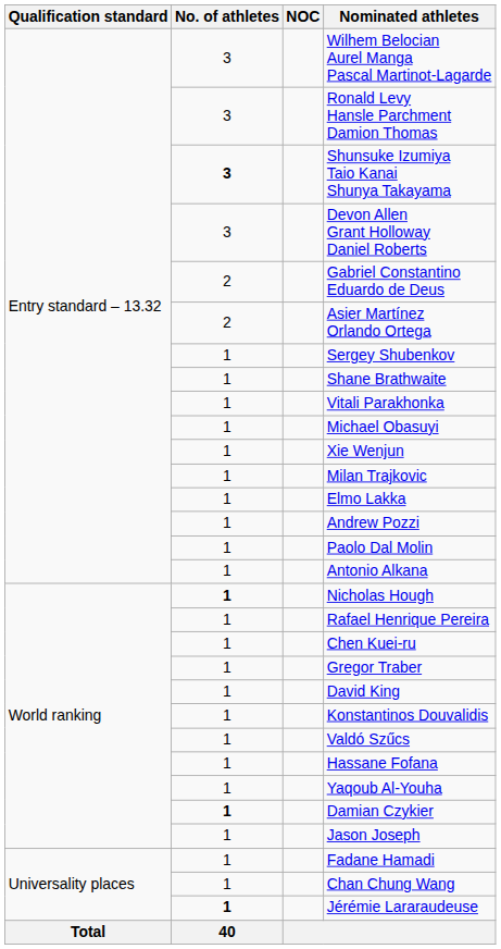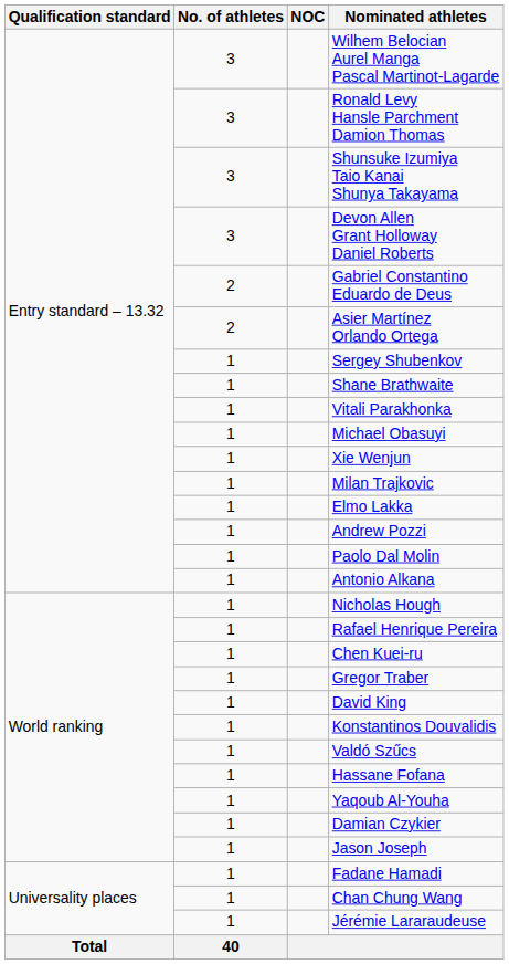 <table class="wikitable" style="text-align:left;">
 <tr>
 <th>Qualification standard</th>
 <th>No. of athletes</th>
 <th>NOC</th>
 <th>Nominated athletes</th>
 </tr>
 <tr>
 <td rowspan=16>Entry standard – 13.32</td>
 <td align=center>3</td>
 <td></td>
 <td><a href='#'>Wilhem Belocian</a><br><a href='#'>Aurel Manga</a><br><a href='#'>Pascal Martinot-Lagarde</a></td>
 </tr>
 <tr>
 <td align=center>3</td>
 <td></td>
 <td><a href='#'>Ronald Levy</a><br><a href='#'>Hansle Parchment</a><br><a href='#'>Damion Thomas</a></td>
 </tr>
 <tr>
-<td align=center><strong>3</strong></td>
+<td align=center>3</td>
 <td></td>
 <td><a href='#'>Shunsuke Izumiya</a><br><a href='#'>Taio Kanai</a><br><a href='#'>Shunya Takayama</a></td>
 </tr>
 <tr>
 <td align=center>3</td>
 <td></td>
 <td><a href='#'>Devon Allen</a><br><a href='#'>Grant Holloway</a><br><a href='#'>Daniel Roberts</a></td>
 </tr>
 <tr>
 <td align=center>2</td>
 <td></td>
 <td><a href='#'>Gabriel Constantino</a><br><a href='#'>Eduardo de Deus</a></td>
 </tr>
 <tr>
 <td align=center>2</td>
 <td></td>
 <td><a href='#'>Asier Martínez</a><br><a href='#'>Orlando Ortega</a></td>
 </tr>
 <tr>
 <td align=center>1</td>
 <td></td>
 <td><a href='#'>Sergey Shubenkov</a></td>
 </tr>
 <tr>
 <td align=center>1</td>
 <td></td>
 <td><a href='#'>Shane Brathwaite</a></td>
 </tr>
 <tr>
 <td align=center>1</td>
 <td></td>
 <td><a href='#'>Vitali Parakhonka</a></td>
 </tr>
 <tr>
 <td align=center>1</td>
 <td></td>
 <td><a href='#'>Michael Obasuyi</a></td>
 </tr>
 <tr>
 <td align=center>1</td>
 <td></td>
 <td><a href='#'>Xie Wenjun</a></td>
 </tr>
 <tr>
 <td align=center>1</td>
 <td></td>
 <td><a href='#'>Milan Trajkovic</a></td>
 </tr>
 <tr>
 <td align=center>1</td>
 <td></td>
 <td><a href='#'>Elmo Lakka</a></td>
 </tr>
 <tr>
 <td align=center>1</td>
 <td></td>
 <td><a href='#'>Andrew Pozzi</a></td>
 </tr>
 <tr>
 <td align=center>1</td>
 <td></td>
 <td><a href='#'>Paolo Dal Molin</a></td>
 </tr>
 <tr>
 <td align=center>1</td>
 <td></td>
 <td><a href='#'>Antonio Alkana</a></td>
 </tr>
 <tr>
 <td rowspan=11>World ranking</td>
-<td align=center><strong>1</strong></td>
+<td align=center>1</td>
 <td></td>
 <td><a href='#'>Nicholas Hough</a></td>
 </tr>
 <tr>
 <td align=center>1</td>
 <td></td>
 <td><a href='#'>Rafael Henrique Pereira</a></td>
 </tr>
 <tr>
 <td align=center>1</td>
 <td></td>
 <td><a href='#'>Chen Kuei-ru</a></td>
 </tr>
 <tr>
 <td align=center>1</td>
 <td></td>
 <td><a href='#'>Gregor Traber</a></td>
 </tr>
 <tr>
 <td align=center>1</td>
 <td></td>
 <td><a href='#'>David King</a></td>
 </tr>
 <tr>
 <td align=center>1</td>
 <td></td>
 <td><a href='#'>Konstantinos Douvalidis</a></td>
 </tr>
 <tr>
 <td align=center>1</td>
 <td></td>
 <td><a href='#'>Valdó Szűcs</a></td>
 </tr>
 <tr>
 <td align=center>1</td>
 <td></td>
 <td><a href='#'>Hassane Fofana</a></td>
 </tr>
 <tr>
 <td align=center>1</td>
 <td></td>
 <td><a href='#'>Yaqoub Al-Youha</a></td>
 </tr>
 <tr>
-<td align=center><strong>1</strong></td>
+<td align=center>1</td>
 <td></td>
 <td><a href='#'>Damian Czykier</a></td>
 </tr>
 <tr>
 <td align=center>1</td>
 <td></td>
 <td><a href='#'>Jason Joseph</a></td>
 </tr>
 <tr>
 <td rowspan=3>Universality places</td>
 <td align=center>1</td>
 <td></td>
 <td><a href='#'>Fadane Hamadi</a></td>
 </tr>
 <tr>
 <td align=center>1</td>
 <td></td>
 <td><a href='#'>Chan Chung Wang</a></td>
 </tr>
 <tr>
-<td align=center><strong>1</strong></td>
+<td align=center>1</td>
 <td></td>
 <td><a href='#'>Jérémie Lararaudeuse</a></td>
 </tr>
 <tr>
 <th>Total</th>
 <th>40</th>
 <th colspan=2></th>
 </tr>
 </table>
